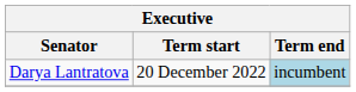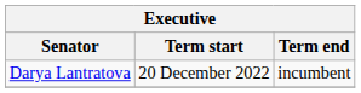 <table class="wikitable sortable">
 <tr>
 <th colspan=3>Executive</th>
 </tr>
 <tr>
 <th>Senator</th>
 <th>Term start</th>
 <th>Term end</th>
 </tr>
 <tr>
 <td><a href='#'>Darya Lantratova</a></td>
 <td>20 December 2022</td>
-<td style="background: lightblue;">incumbent</td>
+<td>incumbent</td>
 </tr>
 <tr>
 </tr>
 </table>
